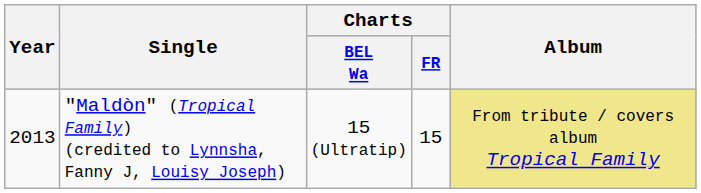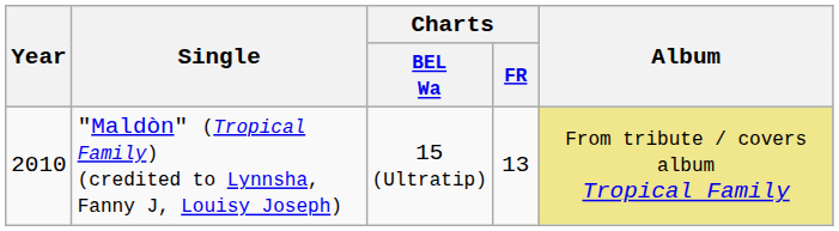 <table class="wikitable">
 <tr>
 <th align="center" rowspan="2" width="10">Year</th>
 <th align="center" rowspan="2" width="160">Single</th>
 <th align="center" colspan="2">Charts</th>
 <th align="center" rowspan="2" width="160">Album</th>
 </tr>
 <tr>
 <th width="20"><small><a href='#'>BEL <br>Wa</a></small><br></th>
 <th width="20"><small><a href='#'>FR</a></small><br></th>
 </tr>
 <tr>
-<td align="center" rowspan="1">2013</td>
+<td align="center" rowspan="1">2010</td>
 <td>"<a href='#'>Maldòn</a>" <small>(<em><a href='#'>Tropical Family</a></em>)</small><br><small>(credited to <a href='#'>Lynnsha</a>, Fanny J, <a href='#'>Louisy Joseph</a>)</small></td>
 <td align="center">15<br><small>(Ultratip)</small></td>
-<td align="center">15</td>
+<td align="center">13</td>
 <td align="center" style="background: khaki;"><small>From tribute / covers album</small> <br><em><a href='#'>Tropical Family</a></em></td>
 </tr>
 </table>
